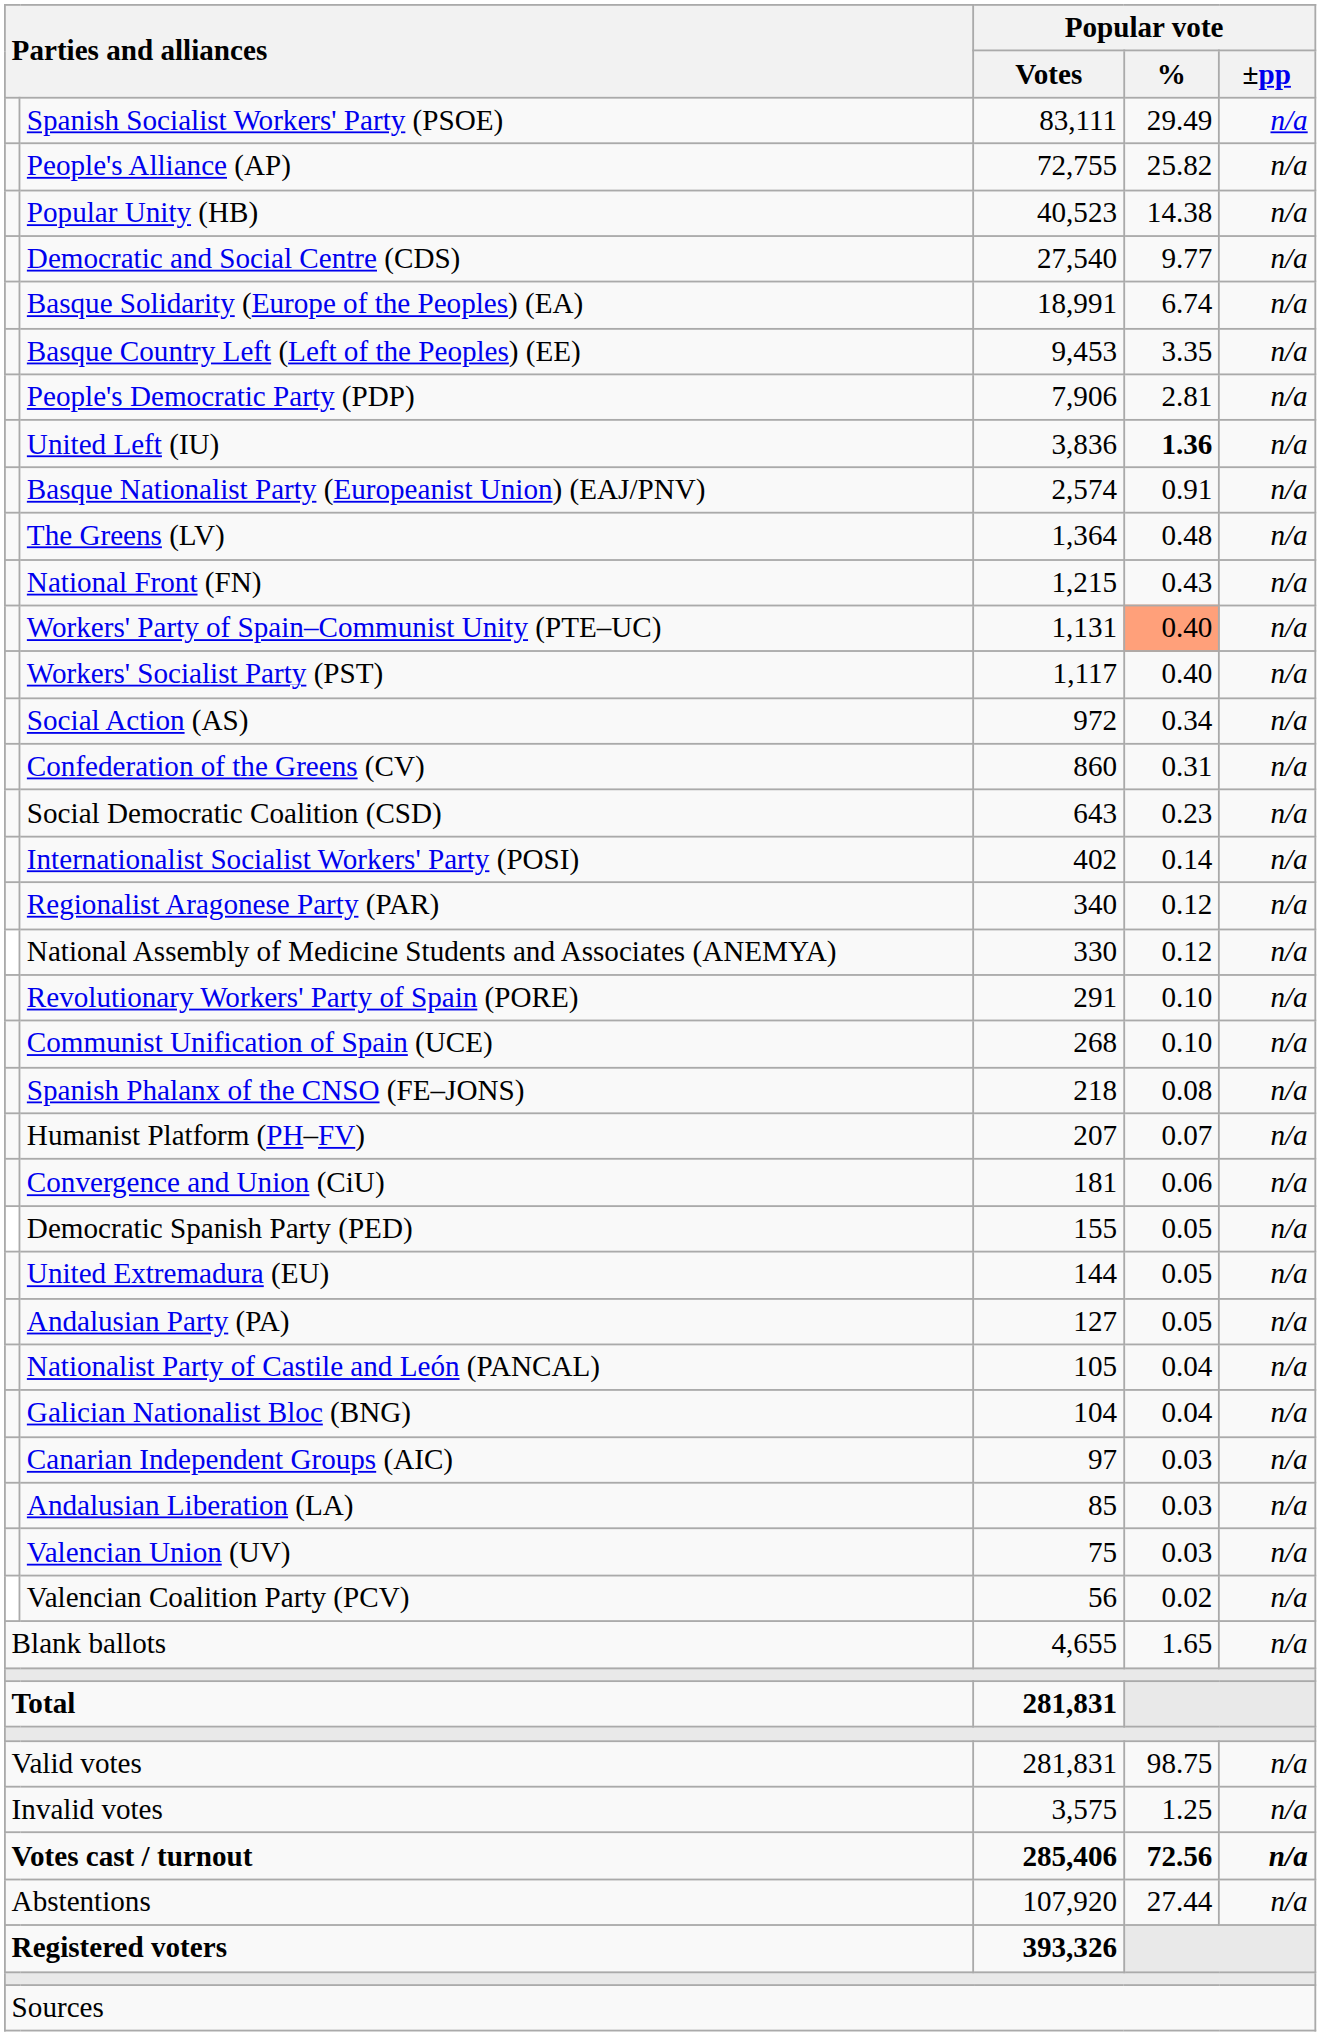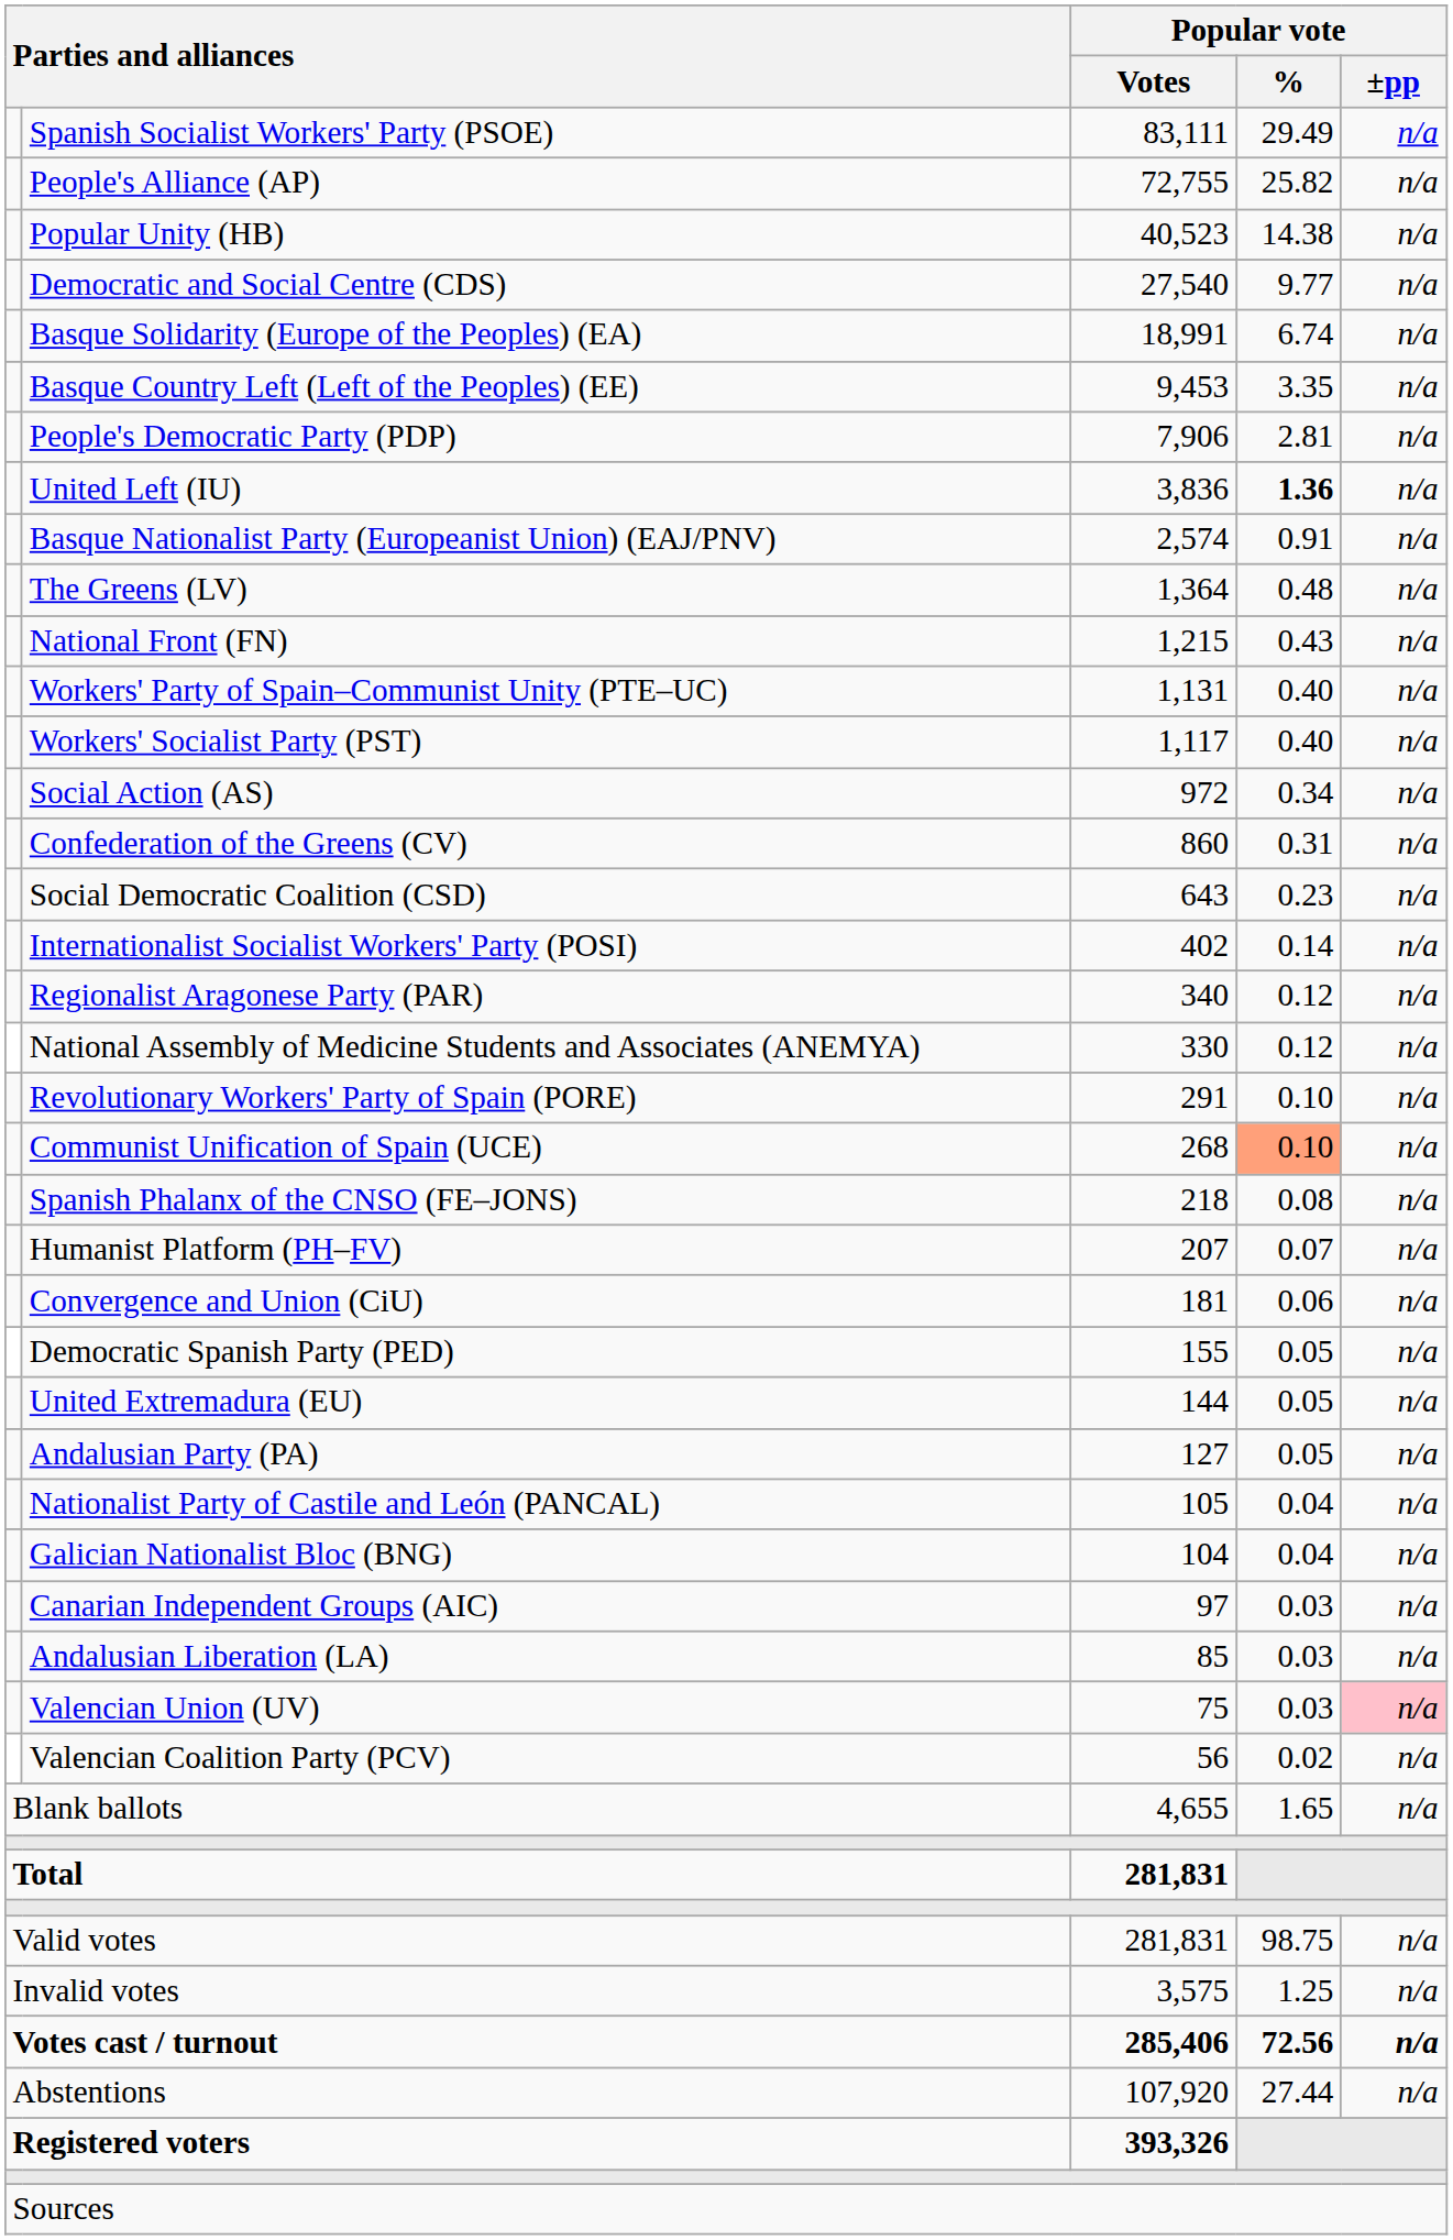 <table class="wikitable" style="text-align:right">
 <tr>
 <th style="text-align:left;" rowspan="2" colspan="2" width="525">Parties and alliances</th>
 <th colspan="3">Popular vote</th>
 </tr>
 <tr>
 <th width="75">Votes</th>
 <th width="45">%</th>
 <th width="45">±<a href='#'>pp</a></th>
 </tr>
 <tr>
 <td width="1" style="color:inherit;background:"></td>
 <td align="left"><a href='#'>Spanish Socialist Workers' Party</a> (PSOE)</td>
 <td>83,111</td>
 <td>29.49</td>
 <td><em><a href='#'>n/a</a></em></td>
 </tr>
 <tr>
 <td style="color:inherit;background:"></td>
 <td align="left"><a href='#'>People's Alliance</a> (AP)</td>
 <td>72,755</td>
 <td>25.82</td>
 <td><em>n/a</em></td>
 </tr>
 <tr>
 <td style="color:inherit;background:"></td>
 <td align="left"><a href='#'>Popular Unity</a> (HB)</td>
 <td>40,523</td>
 <td>14.38</td>
 <td><em>n/a</em></td>
 </tr>
 <tr>
 <td style="color:inherit;background:"></td>
 <td align="left"><a href='#'>Democratic and Social Centre</a> (CDS)</td>
 <td>27,540</td>
 <td>9.77</td>
 <td><em>n/a</em></td>
 </tr>
 <tr>
 <td style="color:inherit;background:"></td>
 <td align="left"><a href='#'>Basque Solidarity</a> (<a href='#'>Europe of the Peoples</a>) (EA)</td>
 <td>18,991</td>
 <td>6.74</td>
 <td><em>n/a</em></td>
 </tr>
 <tr>
 <td style="color:inherit;background:"></td>
 <td align="left"><a href='#'>Basque Country Left</a> (<a href='#'>Left of the Peoples</a>) (EE)</td>
 <td>9,453</td>
 <td>3.35</td>
 <td><em>n/a</em></td>
 </tr>
 <tr>
 <td style="color:inherit;background:"></td>
 <td align="left"><a href='#'>People's Democratic Party</a> (PDP)</td>
 <td>7,906</td>
 <td>2.81</td>
 <td><em>n/a</em></td>
 </tr>
 <tr>
 <td style="color:inherit;background:"></td>
 <td align="left"><a href='#'>United Left</a> (IU)</td>
 <td>3,836</td>
 <td><strong>1.36</strong></td>
 <td><em>n/a</em></td>
 </tr>
 <tr>
 <td style="color:inherit;background:"></td>
 <td align="left"><a href='#'>Basque Nationalist Party</a> (<a href='#'>Europeanist Union</a>) (EAJ/PNV)</td>
 <td>2,574</td>
 <td>0.91</td>
 <td><em>n/a</em></td>
 </tr>
 <tr>
 <td style="color:inherit;background:"></td>
 <td align="left"><a href='#'>The Greens</a> (LV)</td>
 <td>1,364</td>
 <td>0.48</td>
 <td><em>n/a</em></td>
 </tr>
 <tr>
 <td style="color:inherit;background:"></td>
 <td align="left"><a href='#'>National Front</a> (FN)</td>
 <td>1,215</td>
 <td>0.43</td>
 <td><em>n/a</em></td>
 </tr>
 <tr>
 <td style="color:inherit;background:"></td>
 <td align="left"><a href='#'>Workers' Party of Spain–Communist Unity</a> (PTE–UC)</td>
 <td>1,131</td>
-<td style="background: lightsalmon;">0.40</td>
+<td>0.40</td>
 <td><em>n/a</em></td>
 </tr>
 <tr>
 <td style="color:inherit;background:"></td>
 <td align="left"><a href='#'>Workers' Socialist Party</a> (PST)</td>
 <td>1,117</td>
 <td>0.40</td>
 <td><em>n/a</em></td>
 </tr>
 <tr>
 <td style="color:inherit;background:"></td>
 <td align="left"><a href='#'>Social Action</a> (AS)</td>
 <td>972</td>
 <td>0.34</td>
 <td><em>n/a</em></td>
 </tr>
 <tr>
 <td style="color:inherit;background:"></td>
 <td align="left"><a href='#'>Confederation of the Greens</a> (CV)</td>
 <td>860</td>
 <td>0.31</td>
 <td><em>n/a</em></td>
 </tr>
 <tr>
 <td style="color:inherit;background:"></td>
 <td align="left">Social Democratic Coalition (CSD)</td>
 <td>643</td>
 <td>0.23</td>
 <td><em>n/a</em></td>
 </tr>
 <tr>
 <td style="color:inherit;background:"></td>
 <td align="left"><a href='#'>Internationalist Socialist Workers' Party</a> (POSI)</td>
 <td>402</td>
 <td>0.14</td>
 <td><em>n/a</em></td>
 </tr>
 <tr>
 <td style="color:inherit;background:"></td>
 <td align="left"><a href='#'>Regionalist Aragonese Party</a> (PAR)</td>
 <td>340</td>
 <td>0.12</td>
 <td><em>n/a</em></td>
 </tr>
 <tr>
 <td bgcolor="white"></td>
 <td align="left">National Assembly of Medicine Students and Associates (ANEMYA)</td>
 <td>330</td>
 <td>0.12</td>
 <td><em>n/a</em></td>
 </tr>
 <tr>
 <td style="color:inherit;background:"></td>
 <td align="left"><a href='#'>Revolutionary Workers' Party of Spain</a> (PORE)</td>
 <td>291</td>
 <td>0.10</td>
 <td><em>n/a</em></td>
 </tr>
 <tr>
 <td style="color:inherit;background:"></td>
 <td align="left"><a href='#'>Communist Unification of Spain</a> (UCE)</td>
 <td>268</td>
-<td>0.10</td>
+<td style="background: lightsalmon;">0.10</td>
 <td><em>n/a</em></td>
 </tr>
 <tr>
 <td style="color:inherit;background:"></td>
 <td align="left"><a href='#'>Spanish Phalanx of the CNSO</a> (FE–JONS)</td>
 <td>218</td>
 <td>0.08</td>
 <td><em>n/a</em></td>
 </tr>
 <tr>
 <td style="color:inherit;background:"></td>
 <td align="left">Humanist Platform (<a href='#'>PH</a>–<a href='#'>FV</a>)</td>
 <td>207</td>
 <td>0.07</td>
 <td><em>n/a</em></td>
 </tr>
 <tr>
 <td style="color:inherit;background:"></td>
 <td align="left"><a href='#'>Convergence and Union</a> (CiU)</td>
 <td>181</td>
 <td>0.06</td>
 <td><em>n/a</em></td>
 </tr>
 <tr>
 <td bgcolor="white"></td>
 <td align="left">Democratic Spanish Party (PED)</td>
 <td>155</td>
 <td>0.05</td>
 <td><em>n/a</em></td>
 </tr>
 <tr>
 <td style="color:inherit;background:"></td>
 <td align="left"><a href='#'>United Extremadura</a> (EU)</td>
 <td>144</td>
 <td>0.05</td>
 <td><em>n/a</em></td>
 </tr>
 <tr>
 <td style="color:inherit;background:"></td>
 <td align="left"><a href='#'>Andalusian Party</a> (PA)</td>
 <td>127</td>
 <td>0.05</td>
 <td><em>n/a</em></td>
 </tr>
 <tr>
 <td style="color:inherit;background:"></td>
 <td align="left"><a href='#'>Nationalist Party of Castile and León</a> (PANCAL)</td>
 <td>105</td>
 <td>0.04</td>
 <td><em>n/a</em></td>
 </tr>
 <tr>
 <td style="color:inherit;background:"></td>
 <td align="left"><a href='#'>Galician Nationalist Bloc</a> (BNG)</td>
 <td>104</td>
 <td>0.04</td>
 <td><em>n/a</em></td>
 </tr>
 <tr>
 <td style="color:inherit;background:"></td>
 <td align="left"><a href='#'>Canarian Independent Groups</a> (AIC)</td>
 <td>97</td>
 <td>0.03</td>
 <td><em>n/a</em></td>
 </tr>
 <tr>
 <td style="color:inherit;background:"></td>
 <td align="left"><a href='#'>Andalusian Liberation</a> (LA)</td>
 <td>85</td>
 <td>0.03</td>
 <td><em>n/a</em></td>
 </tr>
 <tr>
 <td style="color:inherit;background:"></td>
 <td align="left"><a href='#'>Valencian Union</a> (UV)</td>
 <td>75</td>
 <td>0.03</td>
-<td><em>n/a</em></td>
+<td style="background: pink;"><em>n/a</em></td>
 </tr>
 <tr>
 <td bgcolor="white"></td>
 <td align="left">Valencian Coalition Party (PCV)</td>
 <td>56</td>
 <td>0.02</td>
 <td><em>n/a</em></td>
 </tr>
 <tr>
 <td align="left" colspan="2">Blank ballots</td>
 <td>4,655</td>
 <td>1.65</td>
 <td><em>n/a</em></td>
 </tr>
 <tr>
 <td colspan="5" bgcolor="#E9E9E9"></td>
 </tr>
 <tr style="font-weight:bold;">
 <td align="left" colspan="2">Total</td>
 <td>281,831</td>
 <td bgcolor="#E9E9E9" colspan="2"></td>
 </tr>
 <tr>
 <td colspan="5" bgcolor="#E9E9E9"></td>
 </tr>
 <tr>
 <td align="left" colspan="2">Valid votes</td>
 <td>281,831</td>
 <td>98.75</td>
 <td><em>n/a</em></td>
 </tr>
 <tr>
 <td align="left" colspan="2">Invalid votes</td>
 <td>3,575</td>
 <td>1.25</td>
 <td><em>n/a</em></td>
 </tr>
 <tr style="font-weight:bold;">
 <td align="left" colspan="2">Votes cast / turnout</td>
 <td>285,406</td>
 <td>72.56</td>
 <td><em>n/a</em></td>
 </tr>
 <tr>
 <td align="left" colspan="2">Abstentions</td>
 <td>107,920</td>
 <td>27.44</td>
 <td><em>n/a</em></td>
 </tr>
 <tr style="font-weight:bold;">
 <td align="left" colspan="2">Registered voters</td>
 <td>393,326</td>
 <td bgcolor="#E9E9E9" colspan="2"></td>
 </tr>
 <tr>
 <td colspan="5" bgcolor="#E9E9E9"></td>
 </tr>
 <tr>
 <td align="left" colspan="5">Sources</td>
 </tr>
 </table>
